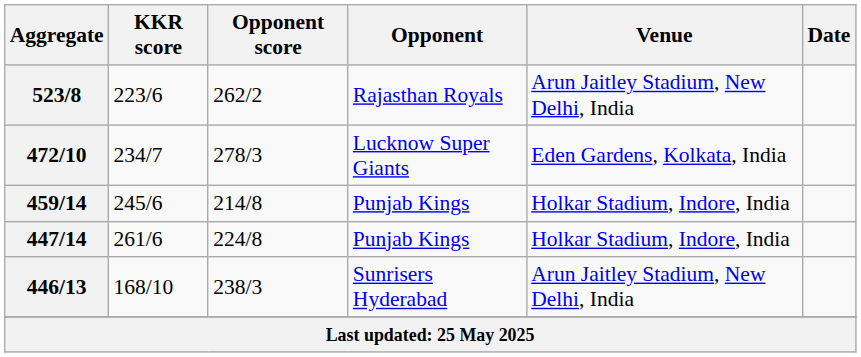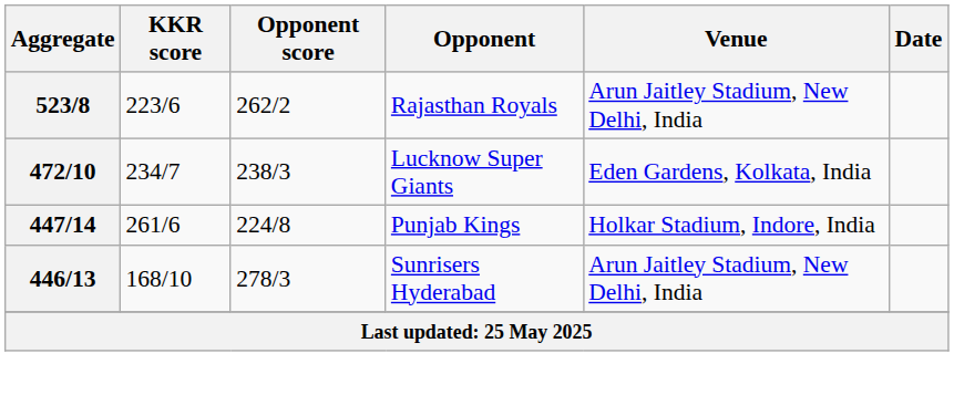 <table class="wikitable" style="text-align:left;font-size:96%;">
 <tr>
 <th><strong>Aggregate</strong></th>
 <th><strong>KKR score</strong></th>
 <th><strong>Opponent score</strong></th>
 <th><strong>Opponent</strong></th>
 <th><strong>Venue</strong></th>
 <th><strong>Date</strong></th>
 </tr>
 <tr>
 <th>523/8</th>
 <td>223/6</td>
 <td>262/2</td>
 <td><a href='#'>Rajasthan Royals</a></td>
 <td><a href='#'>Arun Jaitley Stadium</a>, <a href='#'>New Delhi</a>, India</td>
 <td></td>
 </tr>
 <tr>
 <th>472/10</th>
 <td>234/7</td>
-<td>278/3</td>
+<td>238/3</td>
 <td><a href='#'>Lucknow Super Giants</a></td>
 <td><a href='#'>Eden Gardens</a>, <a href='#'>Kolkata</a>, India</td>
-<td></td>
-</tr>
-<tr>
-<th>459/14</th>
-<td>245/6</td>
-<td>214/8</td>
-<td><a href='#'>Punjab Kings</a></td>
-<td><a href='#'>Holkar Stadium</a>, <a href='#'>Indore</a>, India</td>
 <td></td>
 </tr>
 <tr>
 <th>447/14</th>
 <td>261/6</td>
 <td>224/8</td>
 <td><a href='#'>Punjab Kings</a></td>
 <td><a href='#'>Holkar Stadium</a>, <a href='#'>Indore</a>, India</td>
 <td></td>
 </tr>
 <tr>
 <th>446/13</th>
 <td>168/10</td>
-<td>238/3</td>
+<td>278/3</td>
 <td><a href='#'>Sunrisers Hyderabad</a></td>
 <td><a href='#'>Arun Jaitley Stadium</a>, <a href='#'>New Delhi</a>, India</td>
 <td></td>
 </tr>
 <tr>
 </tr>
 <tr class=sortbottom>
 <th colspan="6"><small>Last updated: 25 May 2025</small></th>
 </tr>
 </table>
